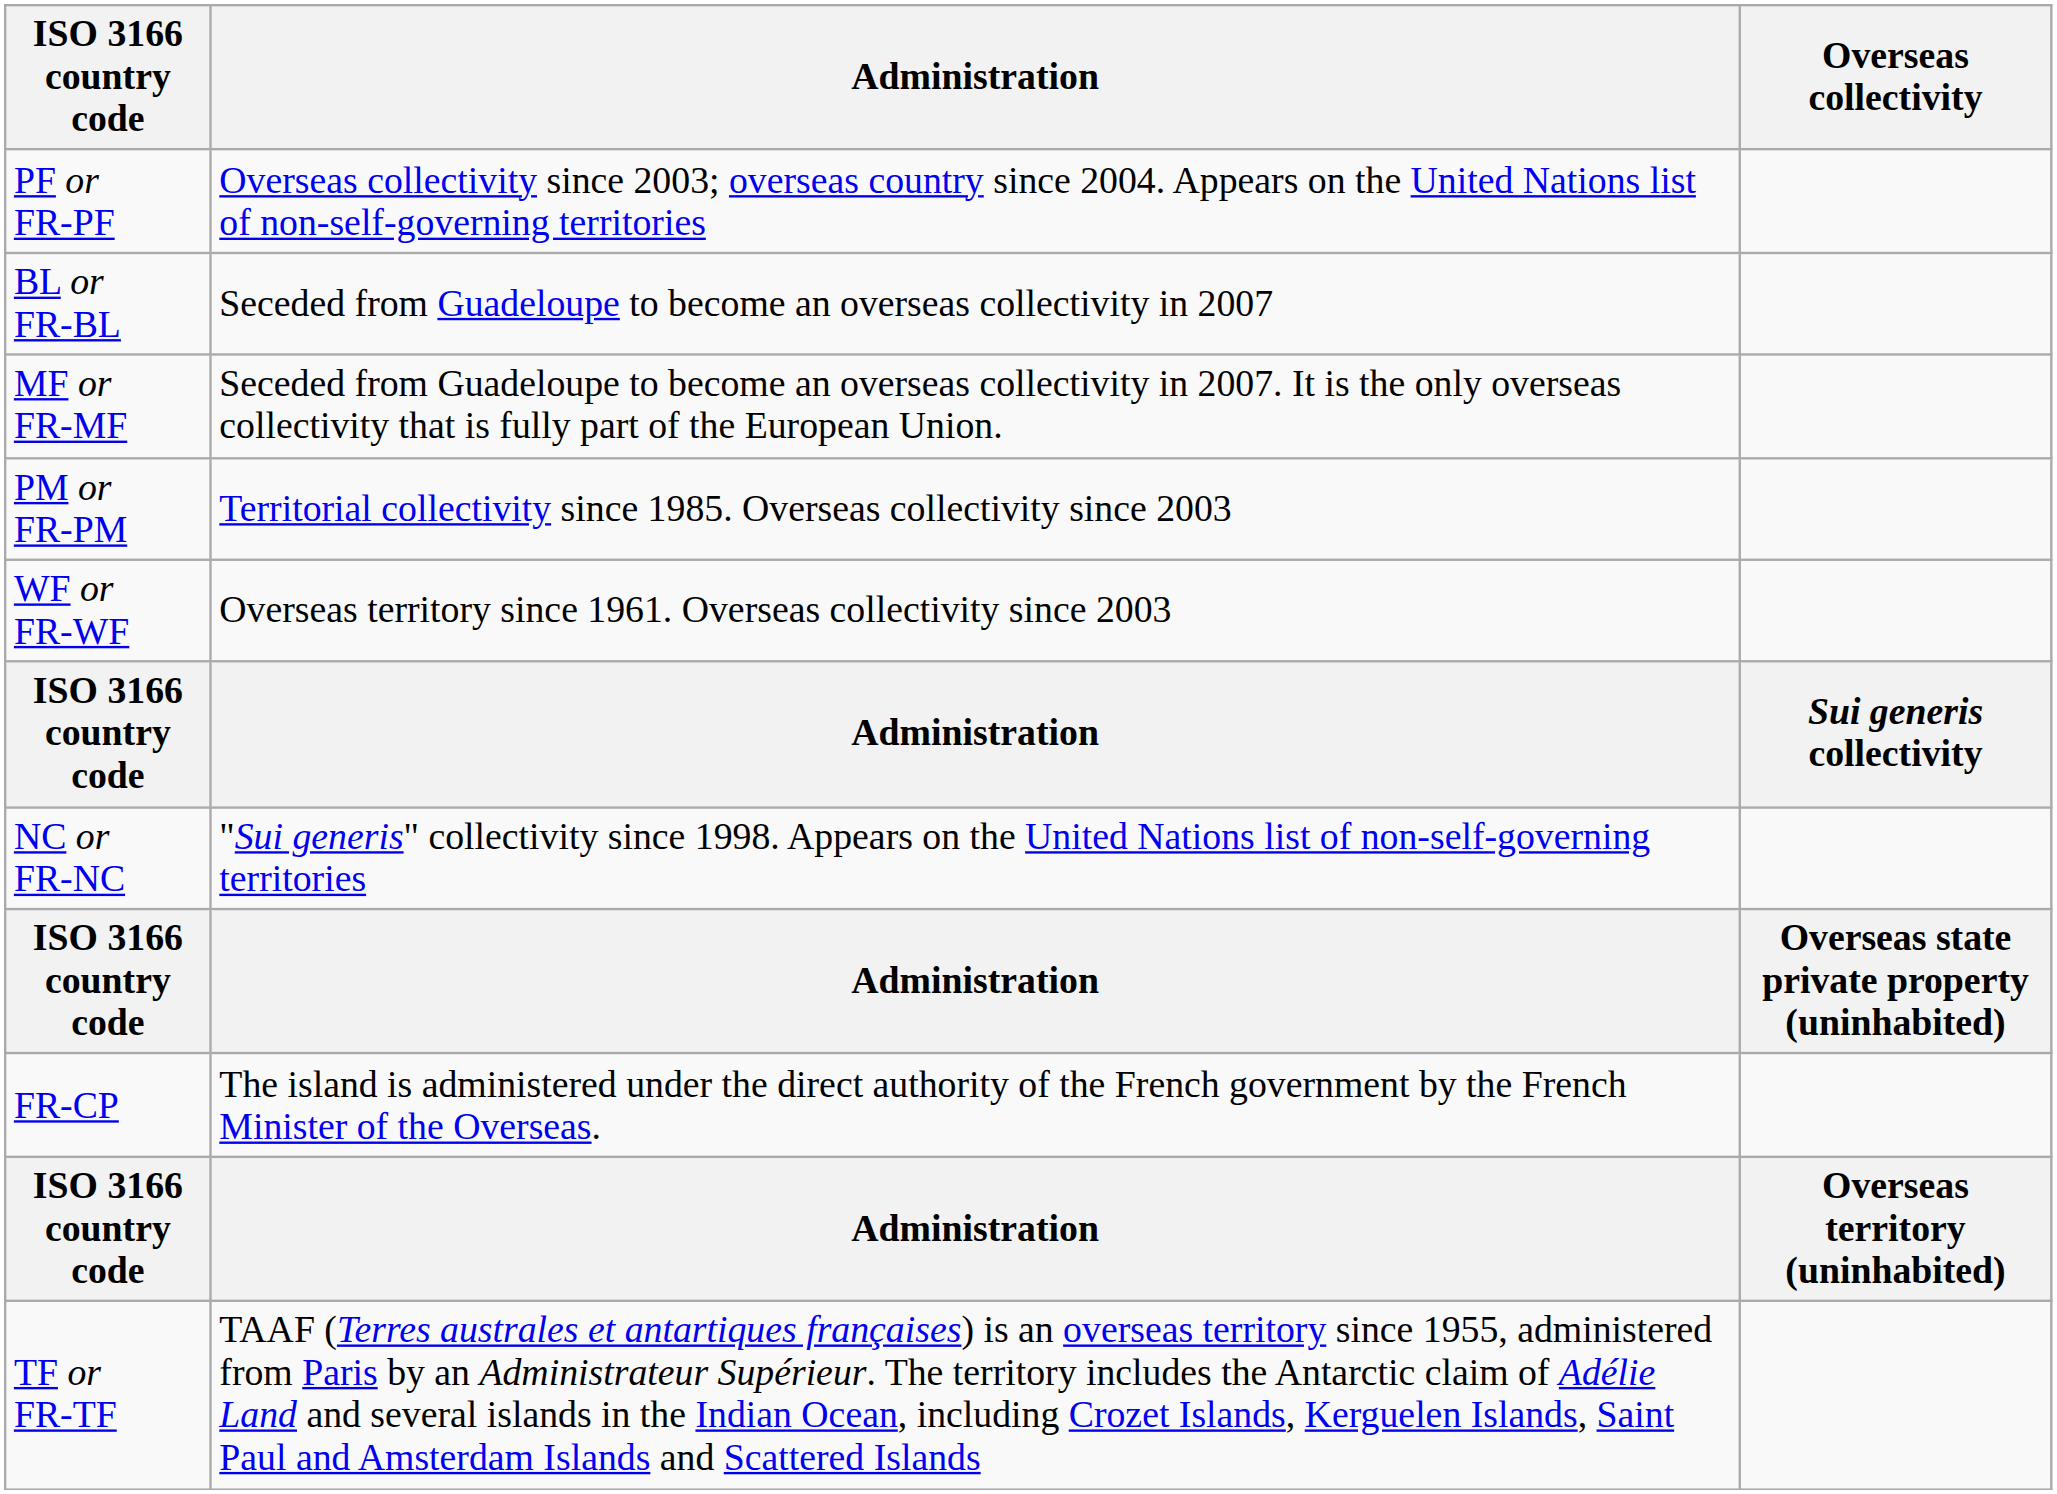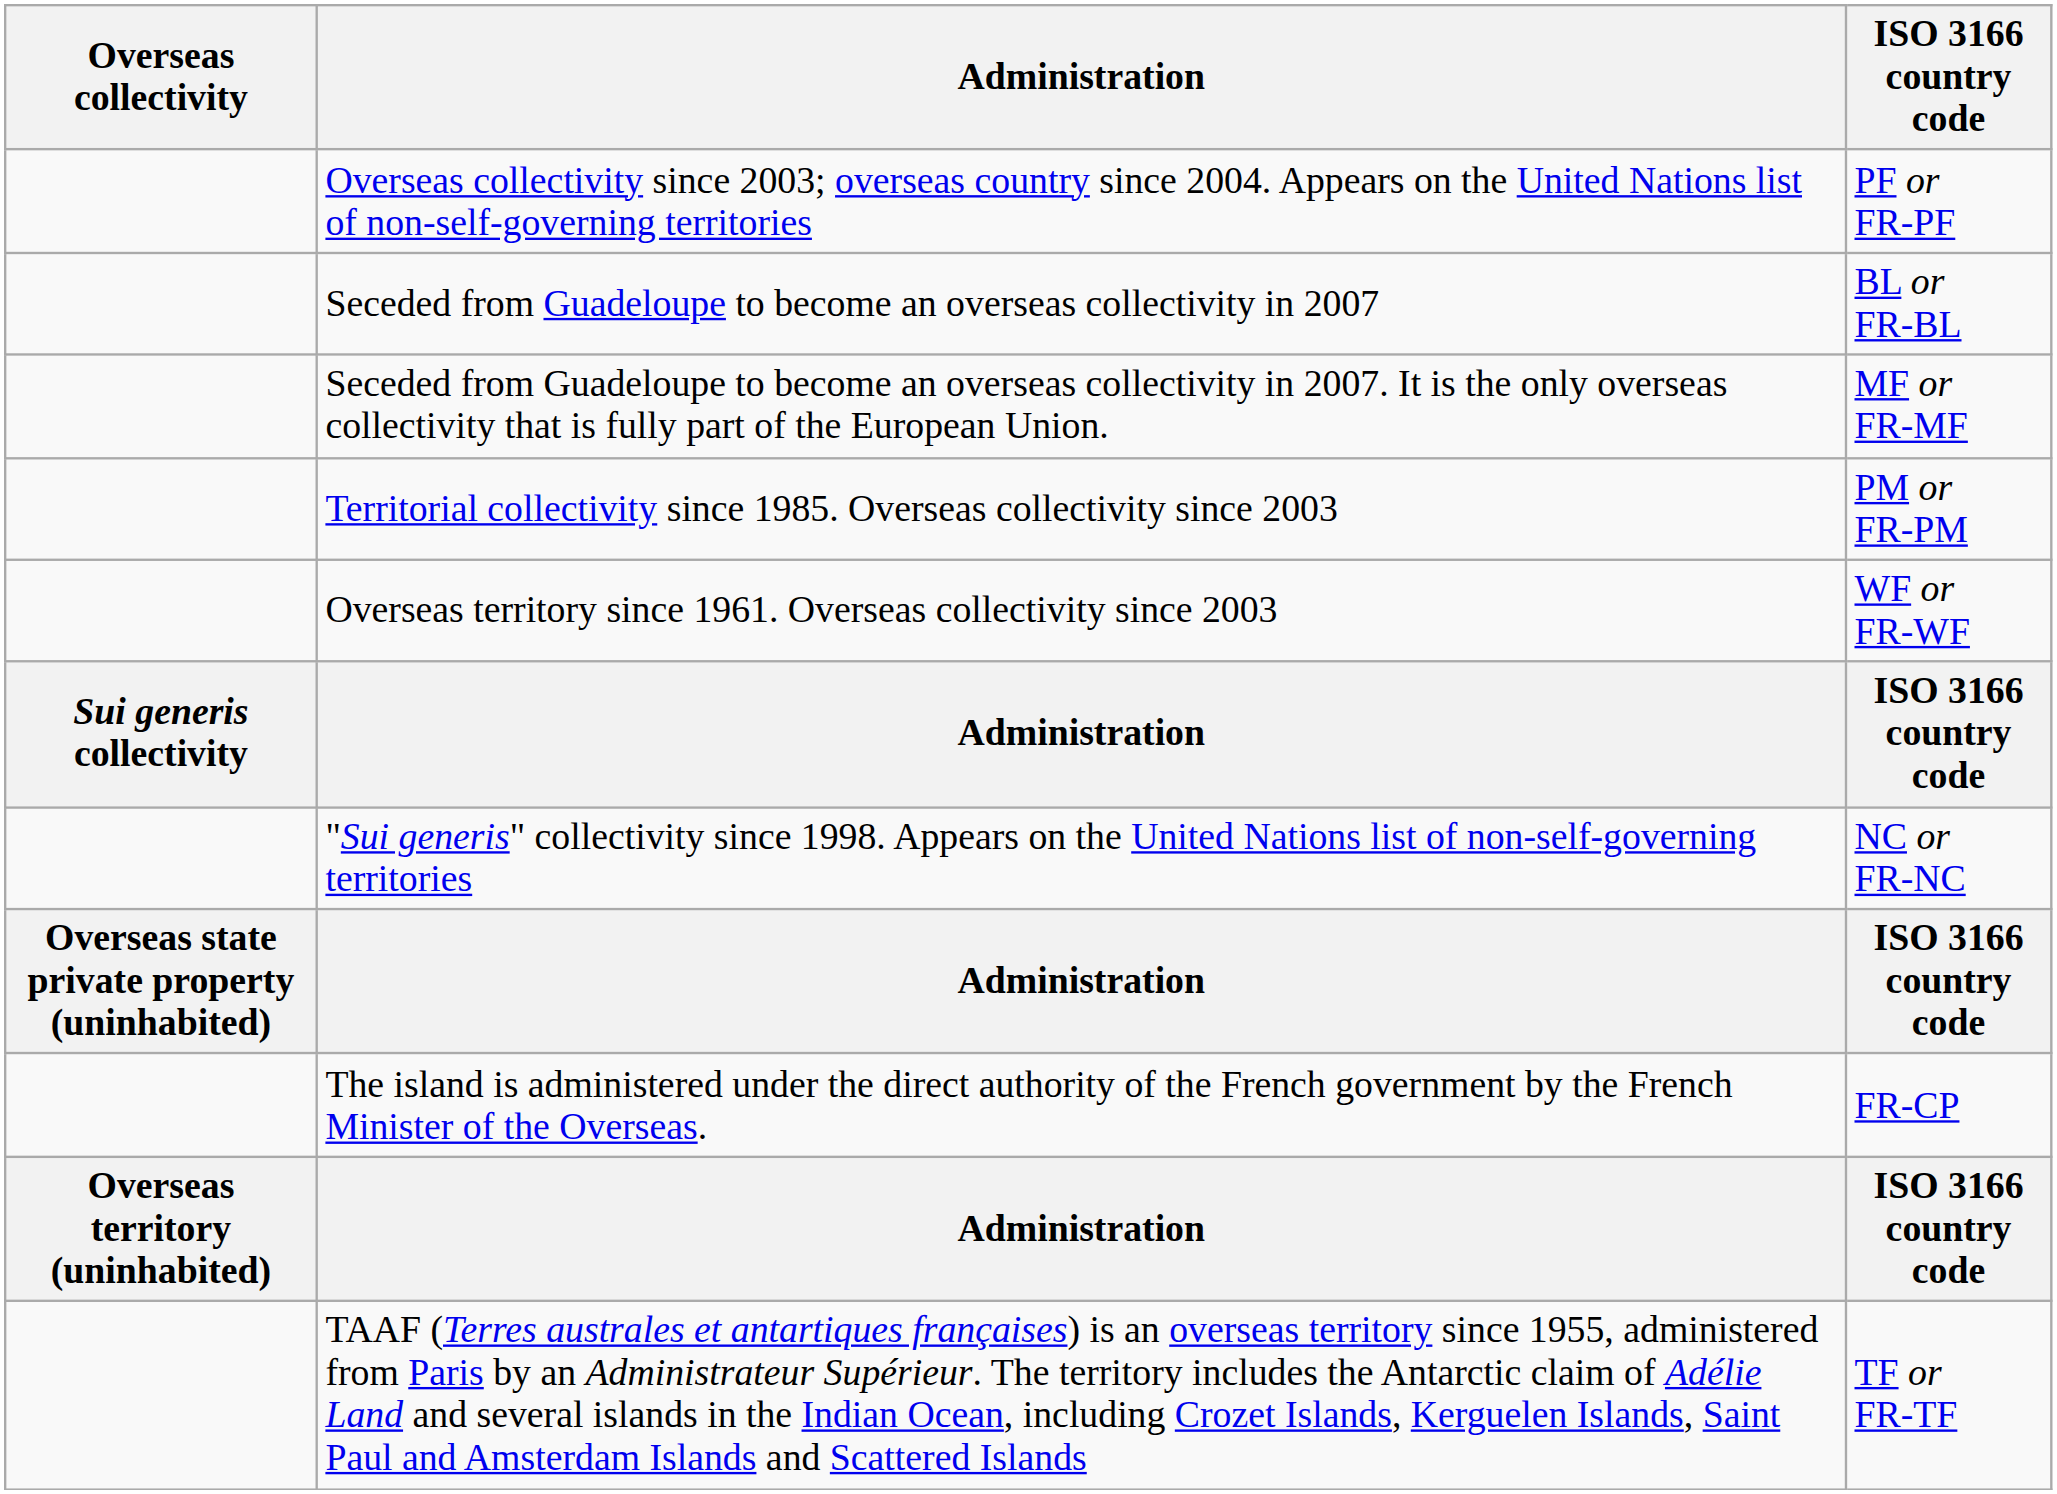 <table class="wikitable sortable">
 <tr>
+<th>Overseas collectivity</th>
+<th>Administration</th>
 <th>ISO 3166 country code</th>
-<th>Administration</th>
-<th>Overseas collectivity</th>
 </tr>
 <tr>
+<td></td>
+<td><a href='#'>Overseas collectivity</a> since 2003; <a href='#'>overseas country</a> since 2004. Appears on the <a href='#'>United Nations list of non-self-governing territories</a></td>
 <td><a href='#'>PF</a> <em>or</em><br><a href='#'>FR-PF</a></td>
-<td><a href='#'>Overseas collectivity</a> since 2003; <a href='#'>overseas country</a> since 2004. Appears on the <a href='#'>United Nations list of non-self-governing territories</a></td>
-<td></td>
 </tr>
 <tr>
+<td></td>
+<td>Seceded from <a href='#'>Guadeloupe</a> to become an overseas collectivity in 2007</td>
 <td><a href='#'>BL</a> <em>or</em><br><a href='#'>FR-BL</a></td>
-<td>Seceded from <a href='#'>Guadeloupe</a> to become an overseas collectivity in 2007</td>
-<td></td>
 </tr>
 <tr>
+<td></td>
+<td>Seceded from Guadeloupe to become an overseas collectivity in 2007. It is the only overseas collectivity that is fully part of the European Union.</td>
 <td><a href='#'>MF</a> <em>or</em><br><a href='#'>FR-MF</a></td>
-<td>Seceded from Guadeloupe to become an overseas collectivity in 2007. It is the only overseas collectivity that is fully part of the European Union.</td>
-<td></td>
 </tr>
 <tr>
+<td></td>
+<td><a href='#'>Territorial collectivity</a> since 1985. Overseas collectivity since 2003</td>
 <td><a href='#'>PM</a> <em>or</em><br><a href='#'>FR-PM</a></td>
-<td><a href='#'>Territorial collectivity</a> since 1985. Overseas collectivity since 2003</td>
-<td></td>
 </tr>
 <tr>
+<td></td>
+<td>Overseas territory since 1961. Overseas collectivity since 2003</td>
 <td><a href='#'>WF</a> <em>or</em><br><a href='#'>FR-WF</a></td>
-<td>Overseas territory since 1961. Overseas collectivity since 2003</td>
-<td></td>
 </tr>
 <tr>
+<th><em>Sui generis</em> collectivity</th>
+<th>Administration</th>
 <th>ISO 3166 country code</th>
-<th>Administration</th>
-<th><em>Sui generis</em> collectivity</th>
 </tr>
 <tr>
+<td></td>
+<td>"<em><a href='#'>Sui generis</a></em>" collectivity since 1998. Appears on the <a href='#'>United Nations list of non-self-governing territories</a></td>
 <td><a href='#'>NC</a> <em>or</em><br><a href='#'>FR-NC</a></td>
-<td>"<em><a href='#'>Sui generis</a></em>" collectivity since 1998. Appears on the <a href='#'>United Nations list of non-self-governing territories</a></td>
-<td></td>
 </tr>
 <tr>
+<th>Overseas state private property<br>(uninhabited)</th>
+<th>Administration</th>
 <th>ISO 3166 country code</th>
-<th>Administration</th>
-<th>Overseas state private property<br>(uninhabited)</th>
 </tr>
 <tr>
+<td></td>
+<td>The island is administered under the direct authority of the French government by the French <a href='#'>Minister of the Overseas</a>.</td>
 <td><a href='#'>FR-CP</a></td>
-<td>The island is administered under the direct authority of the French government by the French <a href='#'>Minister of the Overseas</a>.</td>
-<td></td>
 </tr>
 <tr>
+<th>Overseas territory<br>(uninhabited)</th>
+<th>Administration</th>
 <th>ISO 3166 country code</th>
-<th>Administration</th>
-<th>Overseas territory<br>(uninhabited)</th>
 </tr>
 <tr>
+<td></td>
+<td>TAAF (<em><a href='#'>Terres australes et antartiques françaises</a></em>) is an <a href='#'>overseas territory</a> since 1955, administered from <a href='#'>Paris</a> by an <em>Administrateur Supérieur</em>. The territory includes the Antarctic claim of <em><a href='#'>Adélie Land</a></em> and several islands in the <a href='#'>Indian Ocean</a>, including <a href='#'>Crozet Islands</a>, <a href='#'>Kerguelen Islands</a>, <a href='#'>Saint Paul and Amsterdam Islands</a> and <a href='#'>Scattered Islands</a></td>
 <td><a href='#'>TF</a> <em>or</em><br><a href='#'>FR-TF</a></td>
-<td>TAAF (<em><a href='#'>Terres australes et antartiques françaises</a></em>) is an <a href='#'>overseas territory</a> since 1955, administered from <a href='#'>Paris</a> by an <em>Administrateur Supérieur</em>. The territory includes the Antarctic claim of <em><a href='#'>Adélie Land</a></em> and several islands in the <a href='#'>Indian Ocean</a>, including <a href='#'>Crozet Islands</a>, <a href='#'>Kerguelen Islands</a>, <a href='#'>Saint Paul and Amsterdam Islands</a> and <a href='#'>Scattered Islands</a></td>
-<td></td>
 </tr>
 </table>
